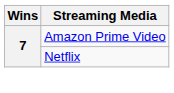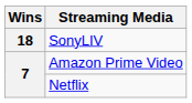 <table class="wikitable" style="display:inline-table;">
 <tr>
 <th>Wins</th>
 <th>Streaming Media</th>
+</tr>
+<tr>
+<th>18</th>
+<td><a href='#'>SonyLIV</a></td>
 </tr>
 <tr>
 <th rowspan="2">7</th>
 <td><a href='#'>Amazon Prime Video</a></td>
 </tr>
 <tr>
 <td><a href='#'>Netflix</a></td>
 </tr>
 </table>
